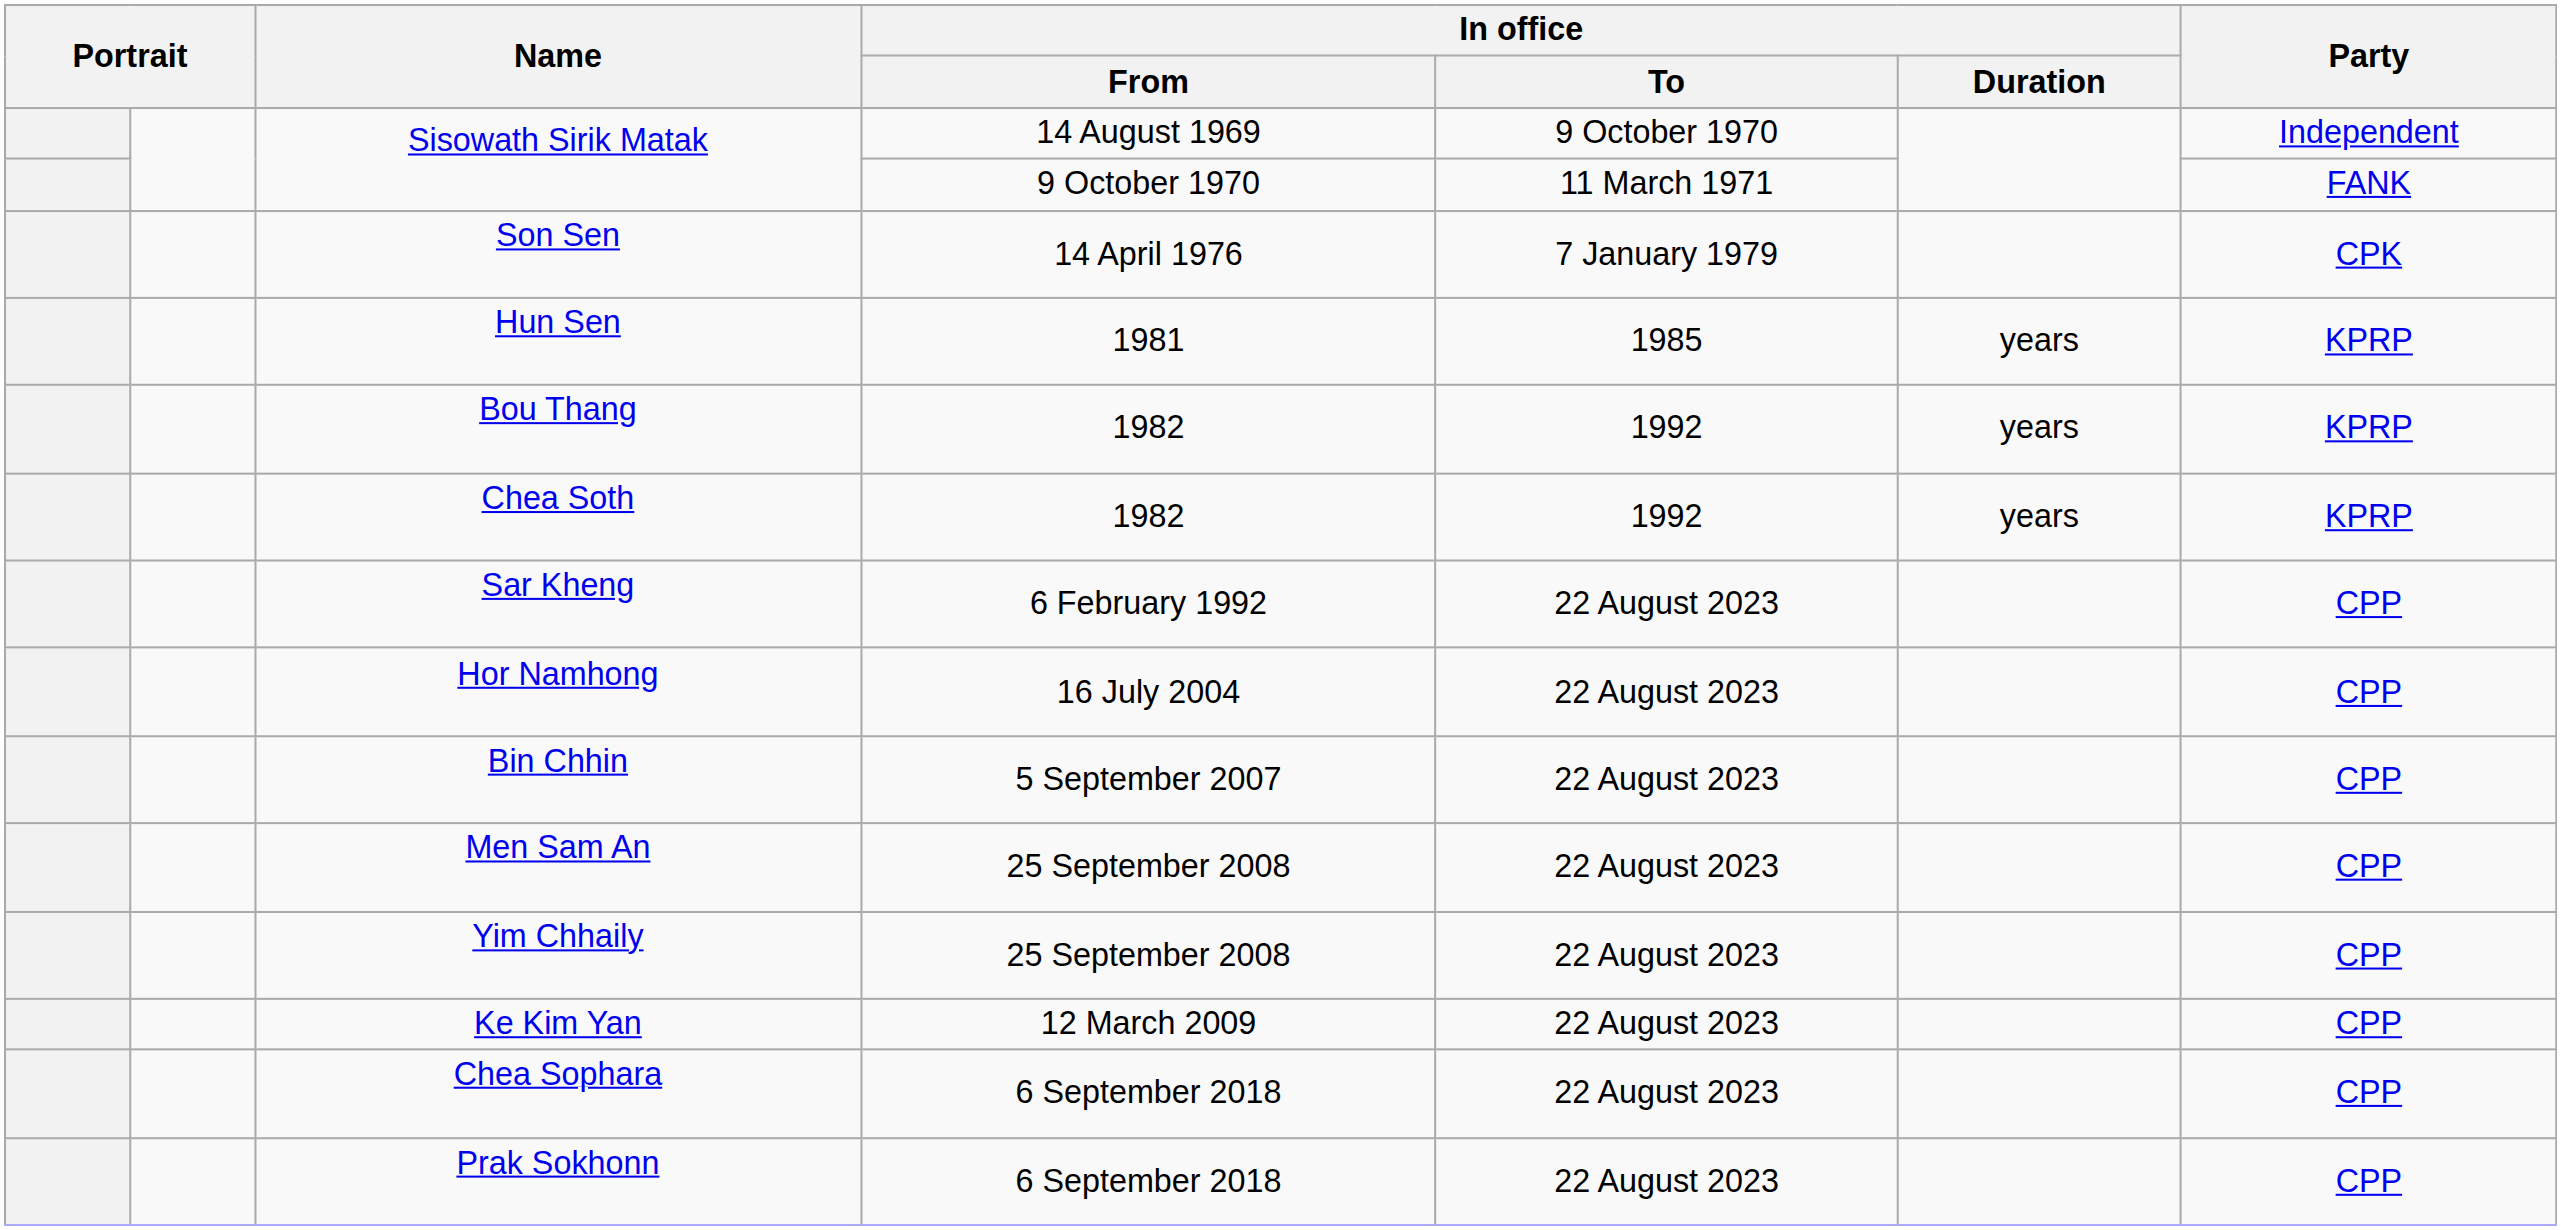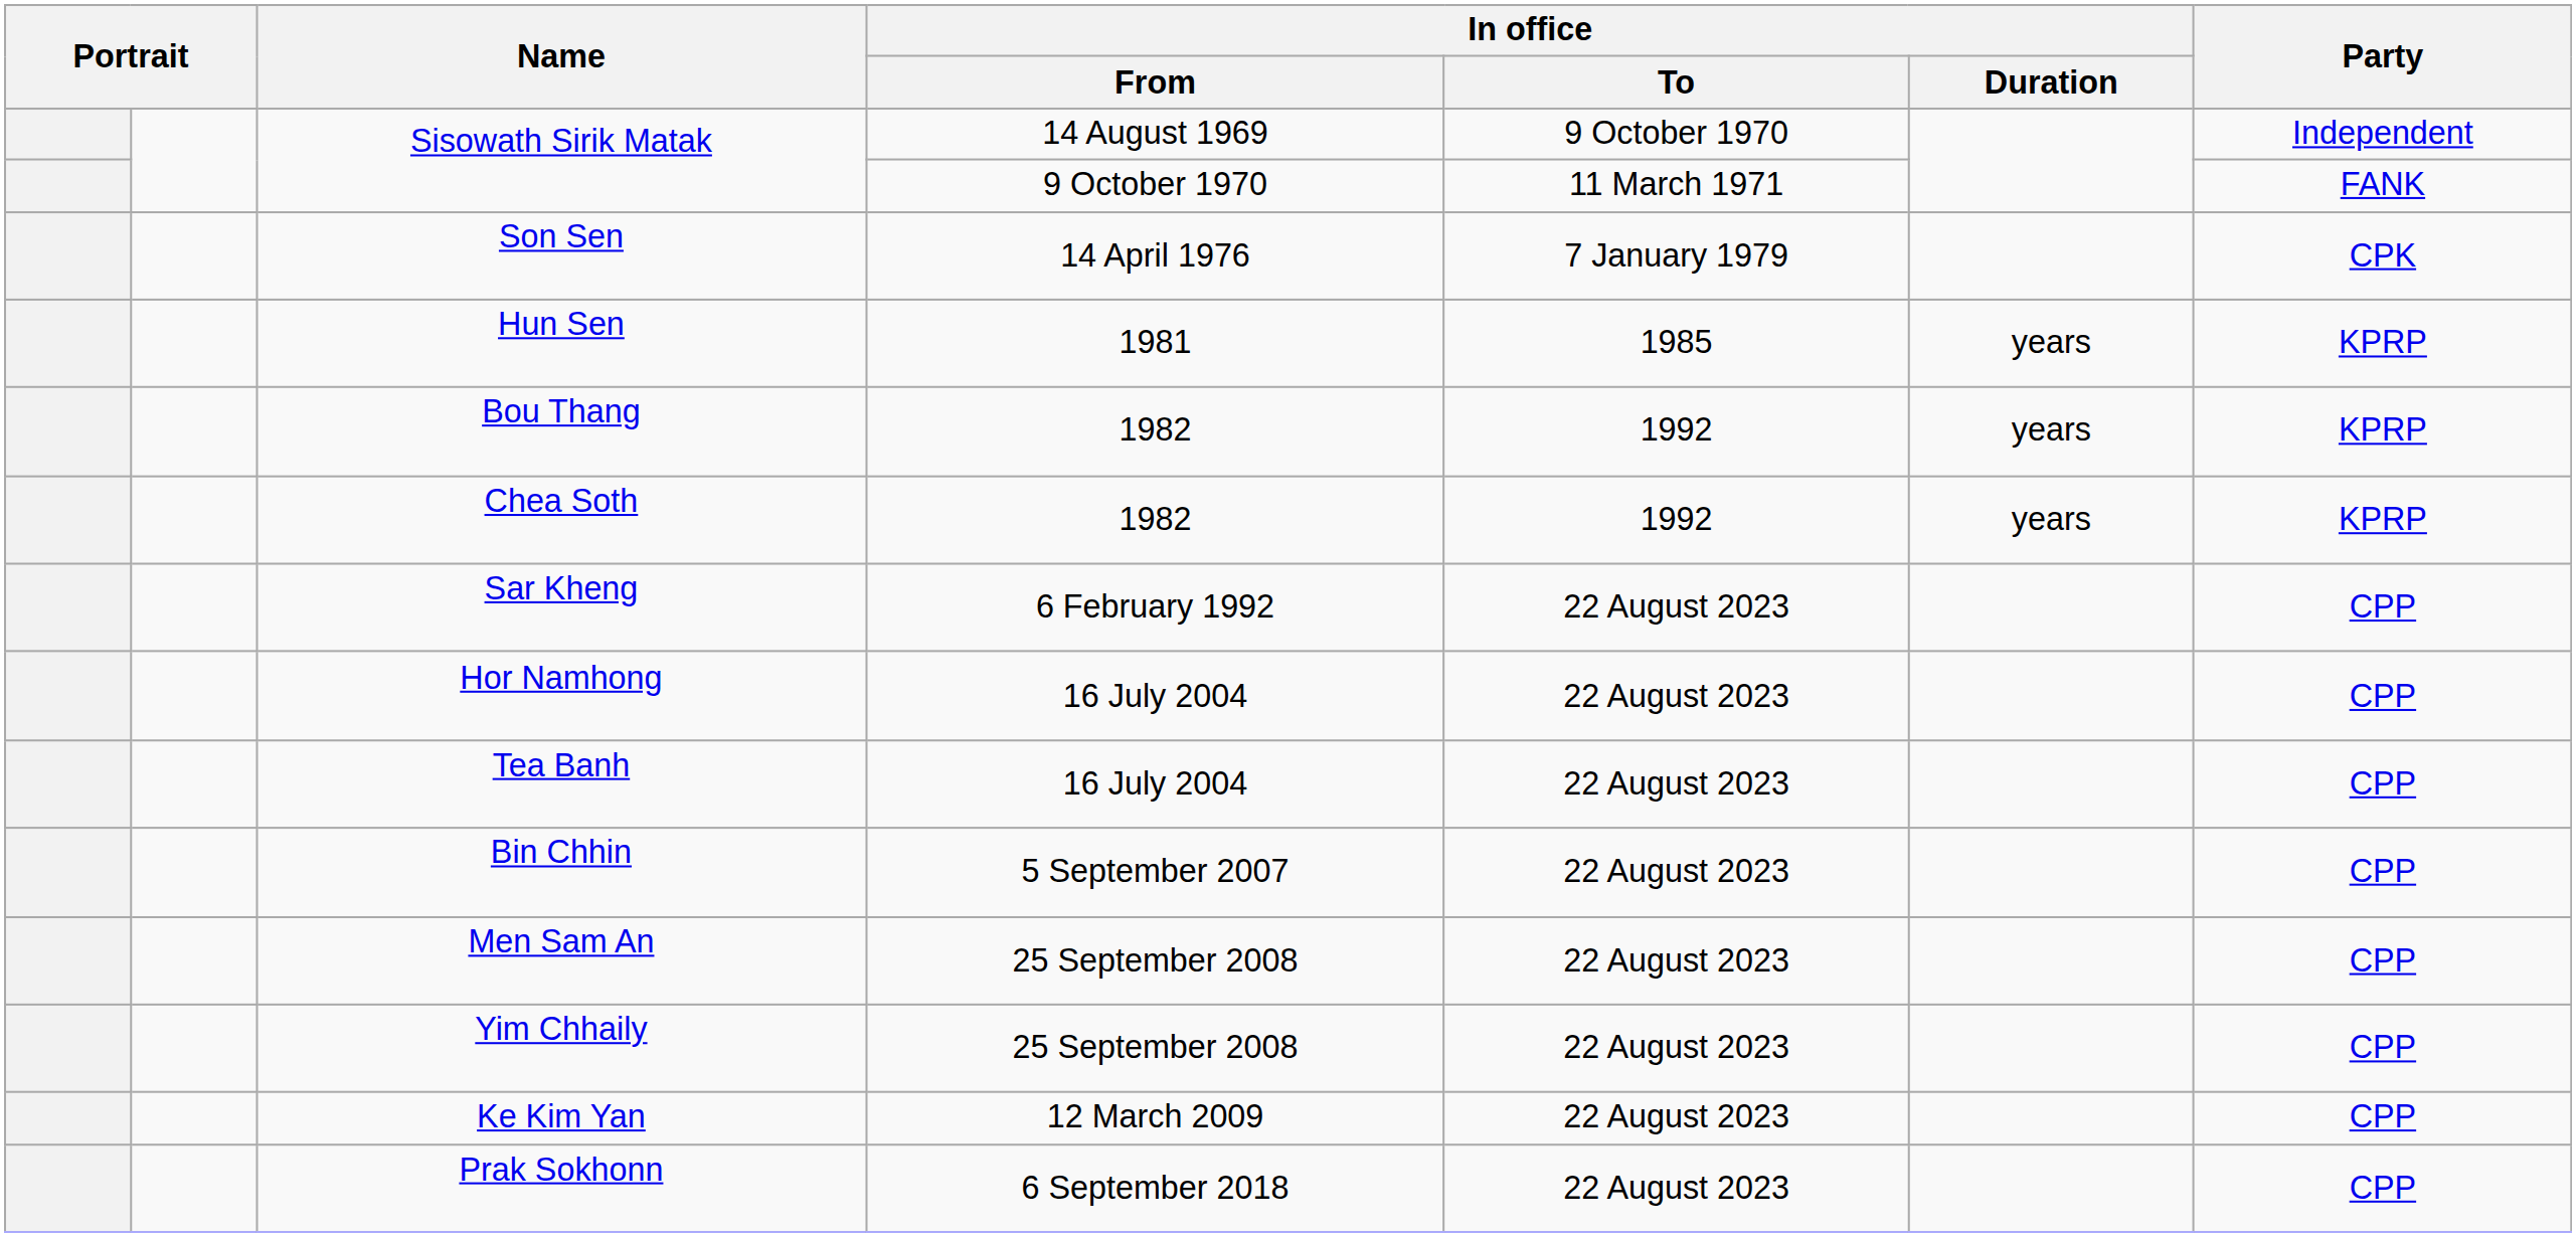 <table class="wikitable sortable" style="text-align:center; font-size:100%; width:100%; border:1px #AAAAFF solid">
 <tr>
 <th colspan="2" rowspan="2">Portrait</th>
 <th rowspan="2">Name</th>
 <th colspan="3">In office</th>
 <th rowspan="2">Party</th>
 </tr>
 <tr>
 <th>From</th>
 <th>To</th>
 <th>Duration</th>
 </tr>
 <tr>
 <th style="background:"></th>
 <td rowspan="2"></td>
 <td rowspan="2"><a href='#'>Sisowath Sirik Matak</a><br><br></td>
 <td>14 August 1969</td>
 <td>9 October 1970</td>
 <td rowspan="2"></td>
 <td><a href='#'>Independent</a></td>
 </tr>
 <tr>
 <th style="background:"></th>
 <td>9 October 1970</td>
 <td>11 March 1971</td>
 <td><a href='#'>FANK</a><br></td>
 </tr>
 <tr>
 <th style="background:"></th>
 <td></td>
 <td><a href='#'>Son Sen</a><br><br></td>
 <td>14 April 1976</td>
 <td>7 January 1979</td>
 <td></td>
 <td><a href='#'>CPK</a></td>
 </tr>
 <tr>
 <th style="background:"></th>
 <td></td>
 <td><a href='#'>Hun Sen</a><br><br></td>
 <td>1981</td>
 <td>1985</td>
 <td> years</td>
 <td><a href='#'>KPRP</a></td>
 </tr>
 <tr>
 <th style="background:"></th>
 <td></td>
 <td><a href='#'>Bou Thang</a><br><br></td>
 <td>1982</td>
 <td>1992</td>
 <td> years</td>
 <td><a href='#'>KPRP</a></td>
 </tr>
 <tr>
 <th style="background:"></th>
 <td></td>
 <td><a href='#'>Chea Soth</a><br><br></td>
 <td>1982</td>
 <td>1992</td>
 <td> years</td>
 <td><a href='#'>KPRP</a></td>
 </tr>
 <tr>
 <th style="background:"></th>
 <td></td>
 <td><a href='#'>Sar Kheng</a><br><br></td>
 <td>6 February 1992</td>
 <td>22 August 2023</td>
 <td></td>
 <td><a href='#'>CPP</a></td>
 </tr>
 <tr>
 <th style="background:"></th>
 <td></td>
 <td><a href='#'>Hor Namhong</a><br><br></td>
 <td>16 July 2004</td>
 <td>22 August 2023</td>
 <td></td>
 <td><a href='#'>CPP</a></td>
 </tr>
 <tr>
 <th style="background:"></th>
 <td></td>
+<td><a href='#'>Tea Banh</a><br><br></td>
+<td>16 July 2004</td>
+<td>22 August 2023</td>
+<td></td>
+<td><a href='#'>CPP</a></td>
+</tr>
+<tr>
+<th style="background:"></th>
+<td></td>
 <td><a href='#'>Bin Chhin</a><br><br></td>
 <td>5 September 2007</td>
 <td>22 August 2023</td>
 <td></td>
 <td><a href='#'>CPP</a></td>
 </tr>
 <tr>
 <th style="background:"></th>
 <td></td>
 <td><a href='#'>Men Sam An</a><br><br></td>
 <td>25 September 2008</td>
 <td>22 August 2023</td>
 <td></td>
 <td><a href='#'>CPP</a></td>
 </tr>
 <tr>
 <th style="background:"></th>
 <td></td>
 <td><a href='#'>Yim Chhaily</a><br><br></td>
 <td>25 September 2008</td>
 <td>22 August 2023</td>
 <td></td>
 <td><a href='#'>CPP</a></td>
 </tr>
 <tr>
 <th style="background:"></th>
 <td></td>
 <td><a href='#'>Ke Kim Yan</a><br></td>
 <td>12 March 2009</td>
 <td>22 August 2023</td>
 <td></td>
 <td><a href='#'>CPP</a></td>
 </tr>
 <tr>
 <th style="background:"></th>
 <td></td>
-<td><a href='#'>Chea Sophara</a><br><br></td>
-<td>6 September 2018</td>
-<td>22 August 2023</td>
-<td></td>
-<td><a href='#'>CPP</a></td>
-</tr>
-<tr>
-<th style="background:"></th>
-<td></td>
 <td><a href='#'>Prak Sokhonn</a><br><br></td>
 <td>6 September 2018</td>
 <td>22 August 2023</td>
 <td></td>
 <td><a href='#'>CPP</a></td>
 </tr>
 <tr>
 </tr>
 </table>
